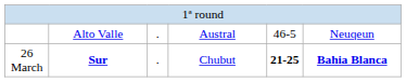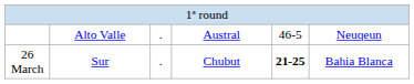 <table class="wikitable" style="text-align:center">
 <tr style="background:#cadff0;">
 <td style="text-align:center;" colspan="6">1ª round</td>
 </tr>
 <tr style="background:#fff;">
 <td width=50></td>
 <td width=120><a href='#'>Alto Valle</a></td>
 <td width=20>.</td>
 <td width=120><a href='#'>Austral</a></td>
 <td width=40>46-5</td>
 <td width=120><a href='#'>Neuqeun</a></td>
 </tr>
 <tr style="background:#fff;">
 <td width=50>26 March</td>
-<td width=120><strong><a href='#'>Sur</a></strong></td>
+<td width=120><a href='#'>Sur</a></td>
 <td width=20>.</td>
 <td width=120><a href='#'>Chubut</a></td>
 <td width=40><strong>21-25</strong></td>
-<td width=120><strong><a href='#'>Bahia Blanca</a></strong></td>
+<td width=120><a href='#'>Bahia Blanca</a></td>
 </tr>
 </table>
